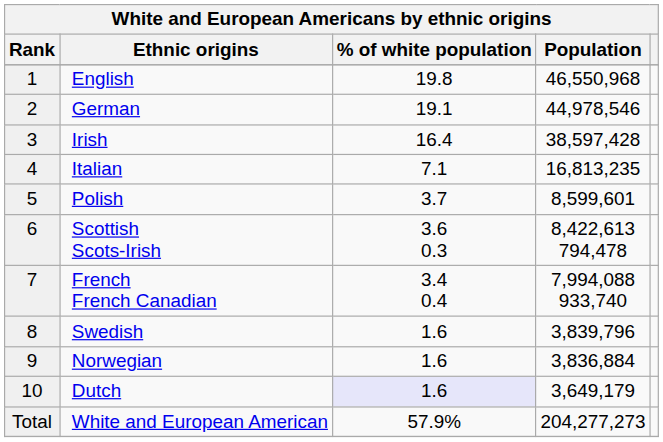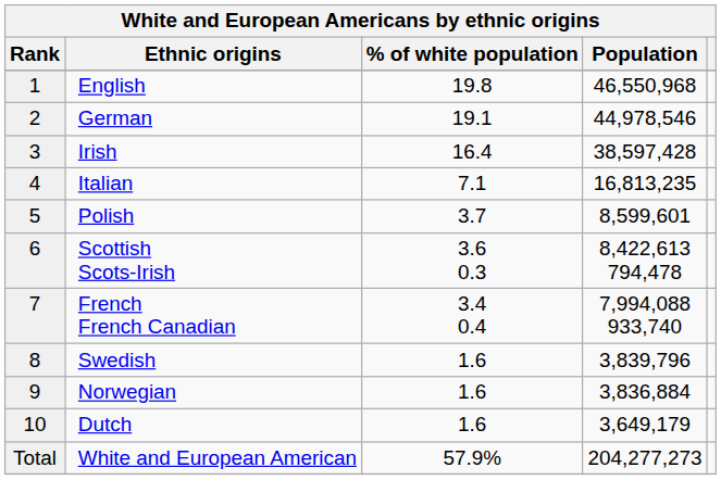 <table class="wikitable" style="text-align:center; margin-right:10px;">
 <tr>
 <th colspan="6">White and European Americans by ethnic origins</th>
 </tr>
 <tr>
 <th>Rank</th>
 <th>Ethnic origins</th>
 <th>% of white population</th>
 <th>Population</th>
 <th></th>
 </tr>
 <tr>
 </tr>
 <tr valign="top">
 <td style="background:#f0f0f0; text-align: center;">1</td>
 <td style="text-align: left; padding-left: 10px;"><a href='#'>English</a></td>
 <td>19.8</td>
 <td>46,550,968</td>
 <td></td>
 </tr>
 <tr>
 <td style="background:#f0f0f0; text-align: center;">2</td>
 <td style="text-align: left; padding-left: 10px;"><a href='#'>German</a></td>
 <td>19.1</td>
 <td>44,978,546</td>
 <td></td>
 </tr>
 <tr valign="top">
 <td style="background:#f0f0f0; text-align: center;">3</td>
 <td style="text-align: left; padding-left: 10px;"><a href='#'>Irish</a></td>
 <td>16.4</td>
 <td>38,597,428</td>
 <td></td>
 </tr>
 <tr valign="top">
 <td style="background:#f0f0f0; text-align: center;">4</td>
 <td style="text-align: left; padding-left: 10px;"><a href='#'>Italian</a></td>
 <td>7.1</td>
 <td>16,813,235</td>
 <td></td>
 </tr>
 <tr valign="top">
 <td style="background:#f0f0f0; text-align: center;">5</td>
 <td style="text-align: left; padding-left: 10px;"><a href='#'>Polish</a></td>
 <td>3.7</td>
 <td>8,599,601</td>
 <td></td>
 </tr>
 <tr valign="top">
 <td style="background:#f0f0f0; text-align: center;">6</td>
 <td style="text-align: left; padding-left: 10px;"><a href='#'>Scottish</a><br><a href='#'>Scots-Irish</a></td>
 <td>3.6<br>0.3</td>
 <td>8,422,613 <br>794,478</td>
 <td></td>
 </tr>
 <tr valign="top">
 <td style="background:#f0f0f0; text-align: center;">7</td>
 <td style="text-align: left; padding-left: 10px;"><a href='#'>French</a><br><a href='#'>French Canadian</a></td>
 <td>3.4<br>0.4</td>
 <td>7,994,088<br>933,740</td>
 <td></td>
 </tr>
 <tr valign="top">
 <td style="background:#f0f0f0; text-align: center;">8</td>
 <td style="text-align: left; padding-left: 10px;"><a href='#'>Swedish</a></td>
 <td>1.6</td>
 <td>3,839,796</td>
 <td></td>
 </tr>
 <tr valign="top">
 <td style="background:#f0f0f0; text-align: center;">9</td>
 <td style="text-align: left; padding-left: 10px;"><a href='#'>Norwegian</a></td>
 <td>1.6</td>
 <td>3,836,884</td>
 <td></td>
 </tr>
 <tr valign="top">
 <td style="background:#f0f0f0; text-align: center;">10</td>
 <td style="text-align: left; padding-left: 10px;"><a href='#'>Dutch</a></td>
-<td style="background: lavender;">1.6</td>
+<td>1.6</td>
 <td>3,649,179</td>
 <td></td>
 </tr>
 <tr class="sortbottom" style="background:verylightgrey;">
 <td style="background:#f0f0f0; text-align: center;">Total</td>
 <td style="text-align: left; padding-left: 10px;"><a href='#'>White and European American</a></td>
 <td>57.9%</td>
 <td>204,277,273</td>
 <td></td>
 </tr>
 <tr>
 </tr>
 </table>
